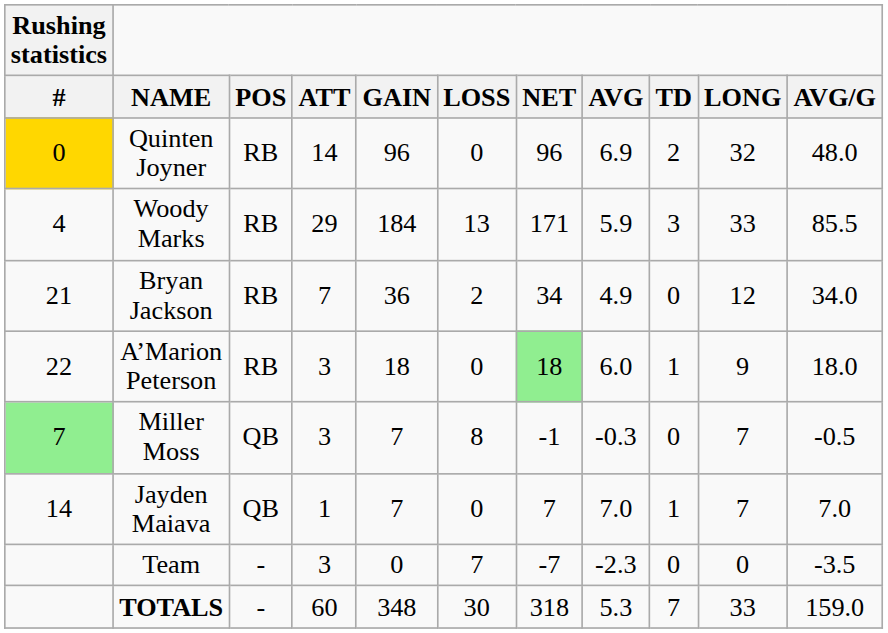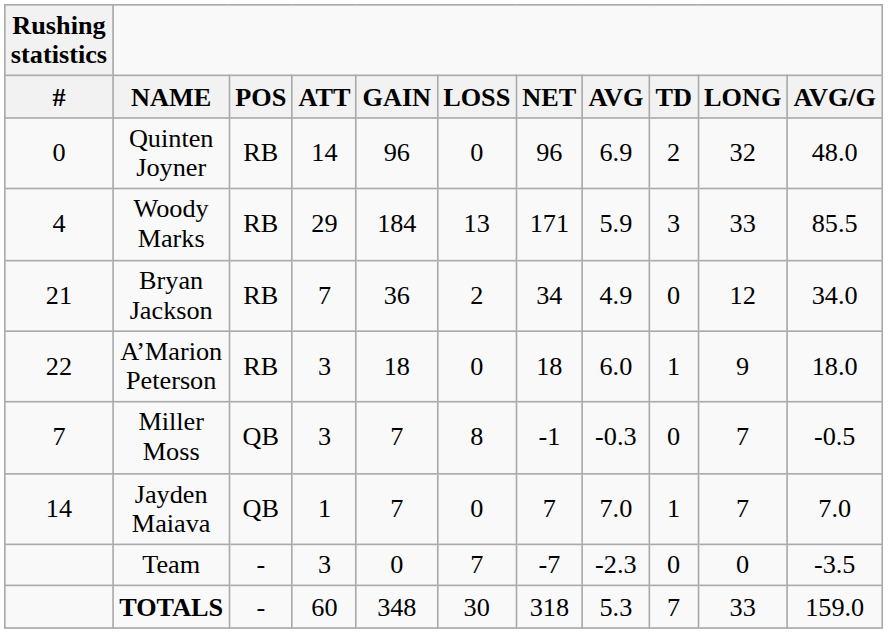 <table style="width:60%; text-align:center;" class="wikitable collapsible collapsed">
 <tr>
 <th style="text-align:center; ">Rushing statistics</th>
 </tr>
 <tr>
 <th>#</th>
 <th>NAME</th>
 <th>POS</th>
 <th>ATT</th>
 <th>GAIN</th>
 <th>LOSS</th>
 <th>NET</th>
 <th>AVG</th>
 <th>TD</th>
 <th>LONG</th>
 <th>AVG/G</th>
 </tr>
 <tr>
-<td style="background: gold;">0</td>
+<td>0</td>
 <td>Quinten Joyner</td>
 <td>RB</td>
 <td>14</td>
 <td>96</td>
 <td>0</td>
 <td>96</td>
 <td>6.9</td>
 <td>2</td>
 <td>32</td>
 <td>48.0</td>
 </tr>
 <tr>
 <td>4</td>
 <td>Woody Marks</td>
 <td>RB</td>
 <td>29</td>
 <td>184</td>
 <td>13</td>
 <td>171</td>
 <td>5.9</td>
 <td>3</td>
 <td>33</td>
 <td>85.5</td>
 </tr>
 <tr>
 <td>21</td>
 <td>Bryan Jackson</td>
 <td>RB</td>
 <td>7</td>
 <td>36</td>
 <td>2</td>
 <td>34</td>
 <td>4.9</td>
 <td>0</td>
 <td>12</td>
 <td>34.0</td>
 </tr>
 <tr>
 <td>22</td>
 <td>A’Marion Peterson</td>
 <td>RB</td>
 <td>3</td>
 <td>18</td>
 <td>0</td>
-<td style="background: lightgreen;">18</td>
+<td>18</td>
 <td>6.0</td>
 <td>1</td>
 <td>9</td>
 <td>18.0</td>
 </tr>
 <tr>
-<td style="background: lightgreen;">7</td>
+<td>7</td>
 <td>Miller Moss</td>
 <td>QB</td>
 <td>3</td>
 <td>7</td>
 <td>8</td>
 <td>-1</td>
 <td>-0.3</td>
 <td>0</td>
 <td>7</td>
 <td>-0.5</td>
 </tr>
 <tr>
 <td>14</td>
 <td>Jayden Maiava</td>
 <td>QB</td>
 <td>1</td>
 <td>7</td>
 <td>0</td>
 <td>7</td>
 <td>7.0</td>
 <td>1</td>
 <td>7</td>
 <td>7.0</td>
 </tr>
 <tr>
 <td></td>
 <td>Team</td>
 <td>-</td>
 <td>3</td>
 <td>0</td>
 <td>7</td>
 <td>-7</td>
 <td>-2.3</td>
 <td>0</td>
 <td>0</td>
 <td>-3.5</td>
 </tr>
 <tr>
 <td></td>
 <td><strong>TOTALS</strong></td>
 <td>-</td>
 <td>60</td>
 <td>348</td>
 <td>30</td>
 <td>318</td>
 <td>5.3</td>
 <td>7</td>
 <td>33</td>
 <td>159.0</td>
 </tr>
 </table>
